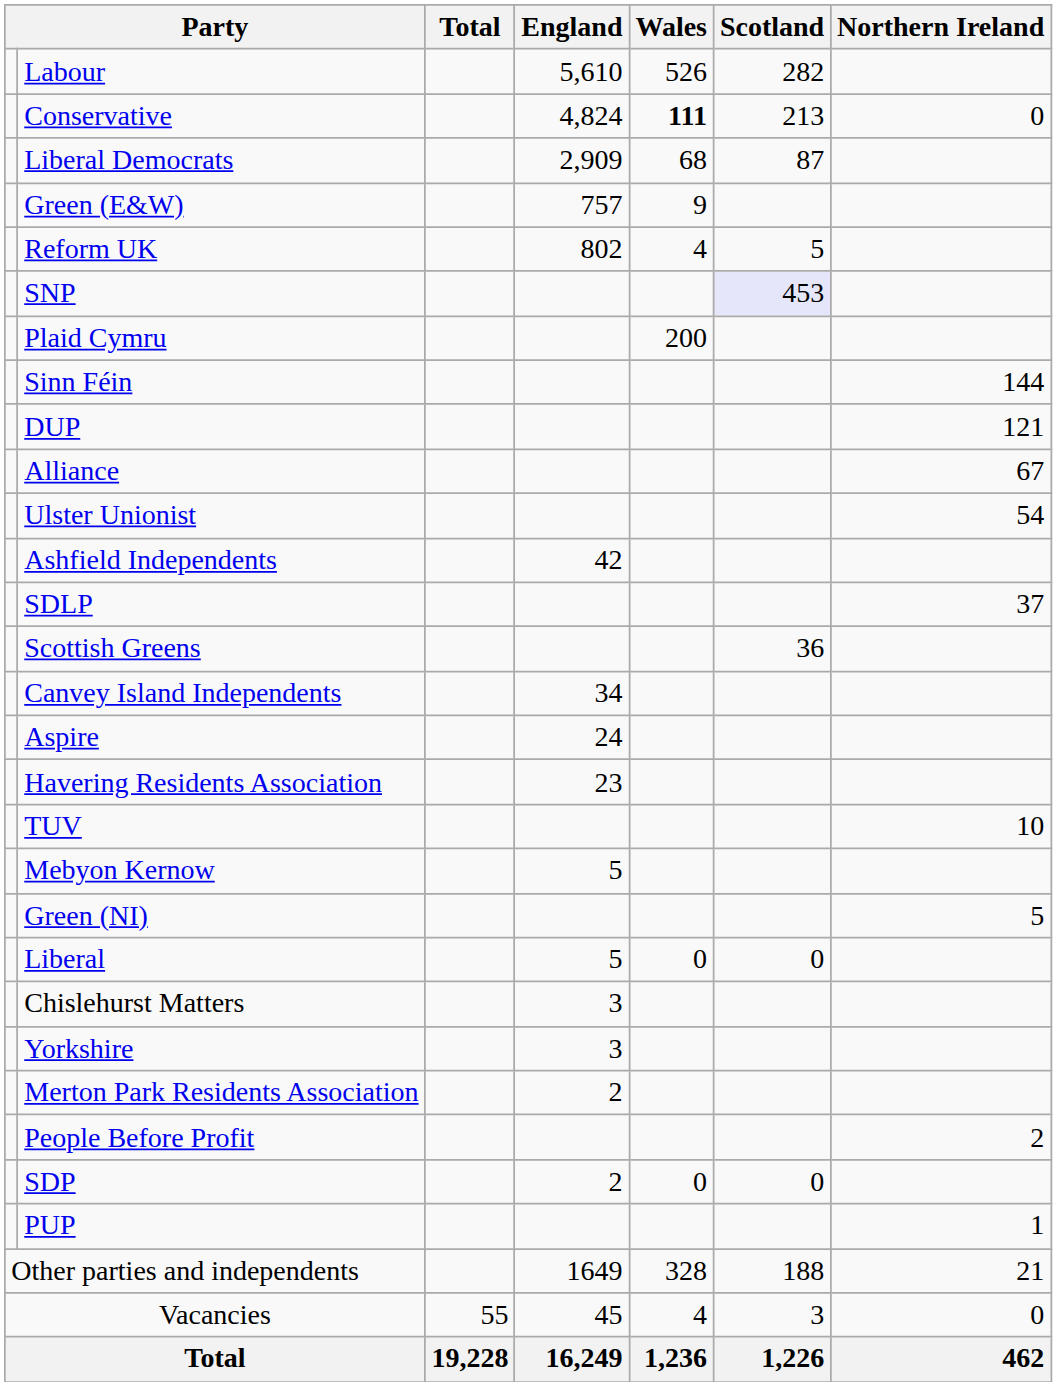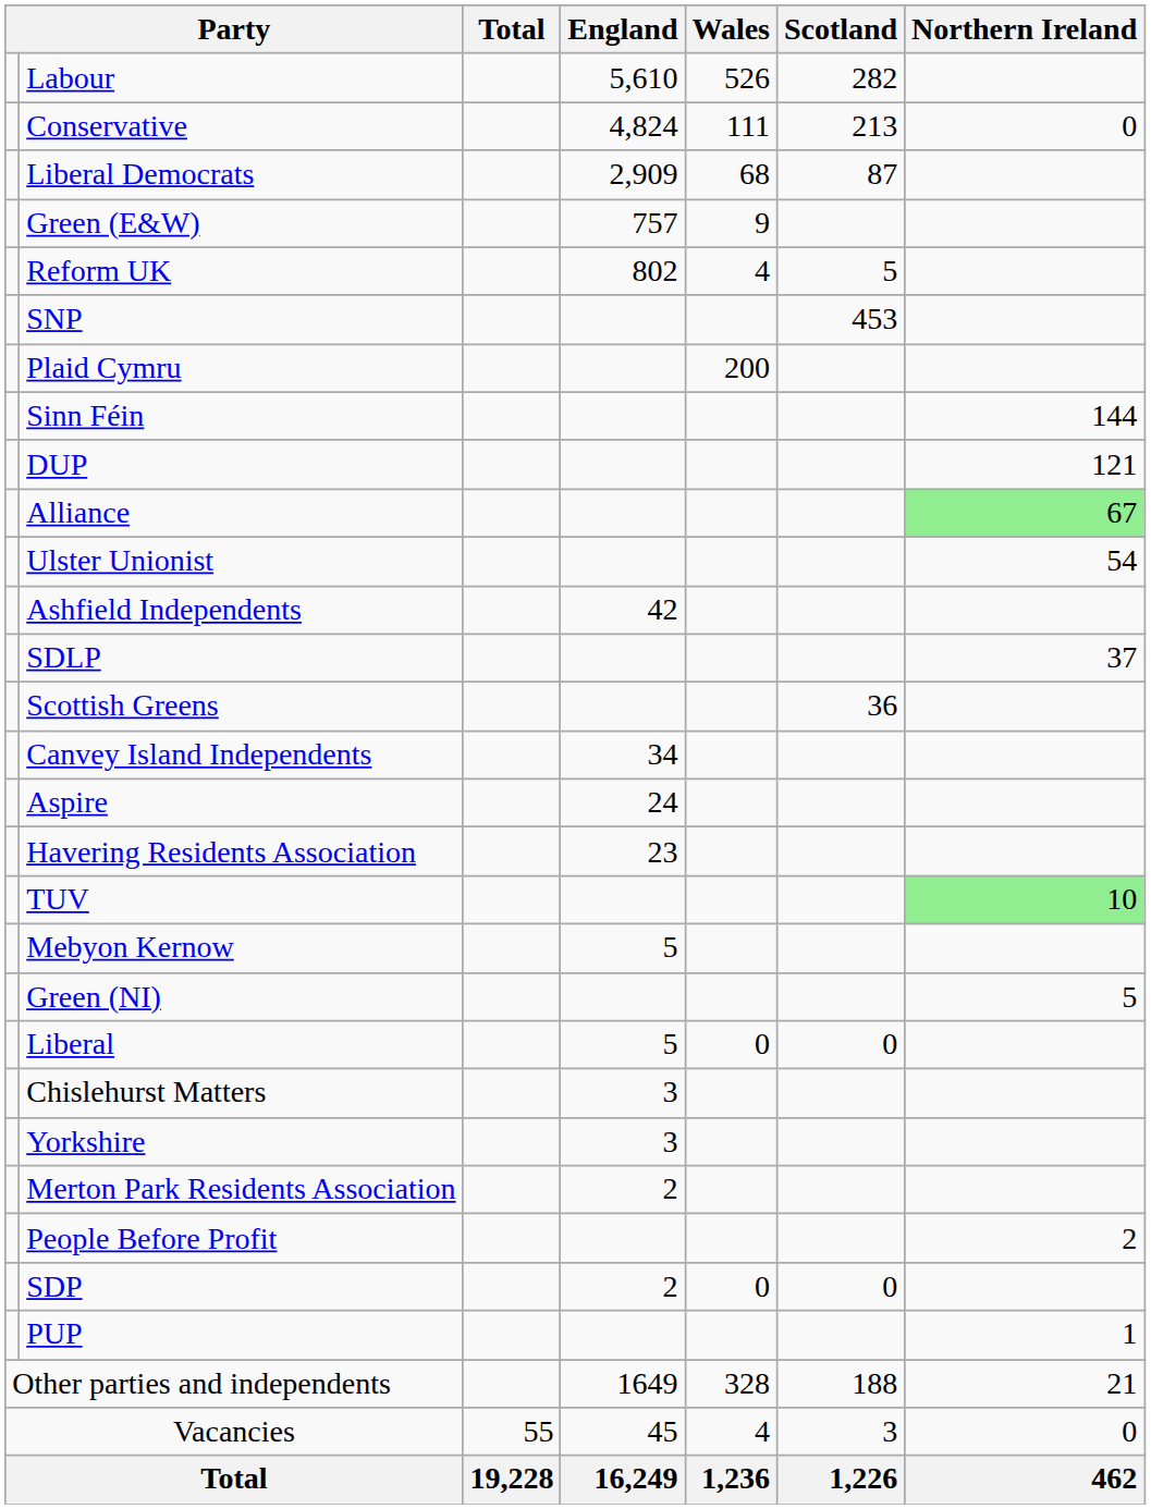 <table class="wikitable sortable" style="text-align:center;">
 <tr>
 <th colspan="2">Party</th>
 <th>Total</th>
 <th>England</th>
 <th>Wales</th>
 <th>Scotland</th>
 <th>Northern Ireland</th>
 </tr>
 <tr>
 <td style="color: white; background:"></td>
 <td style="text-align:left"><a href='#'>Labour</a></td>
 <td></td>
 <td style="text-align:right">5,610</td>
 <td style="text-align:right">526</td>
 <td style="text-align:right">282</td>
 <td></td>
 </tr>
 <tr>
 <td style="color: white; background:"></td>
 <td style="text-align:left"><a href='#'>Conservative</a></td>
 <td></td>
 <td style="text-align:right">4,824</td>
-<td style="text-align:right"><strong>111</strong></td>
+<td style="text-align:right">111</td>
 <td style="text-align:right">213</td>
 <td style="text-align:right">0</td>
 </tr>
 <tr>
 <td style="color: black; background:"></td>
 <td style="text-align:left"><a href='#'>Liberal Democrats</a></td>
 <td></td>
 <td style="text-align:right">2,909</td>
 <td style="text-align:right">68</td>
 <td style="text-align:right">87</td>
 <td></td>
 </tr>
 <tr>
 <td style="color: white; background:"></td>
 <td style="text-align:left"><a href='#'>Green (E&W)</a></td>
 <td></td>
 <td style="text-align:right">757</td>
 <td style="text-align:right">9</td>
 <td></td>
 <td></td>
 </tr>
 <tr>
 <td style="color: black; background:"></td>
 <td style="text-align:left"><a href='#'>Reform UK</a></td>
 <td></td>
 <td style="text-align:right">802</td>
 <td style="text-align:right">4</td>
 <td style="text-align:right">5</td>
 <td></td>
 </tr>
 <tr>
 <td style="color: black; background:"></td>
 <td style="text-align:left"><a href='#'>SNP</a></td>
 <td></td>
 <td></td>
 <td></td>
-<td style="background: lavender; text-align:right">453</td>
+<td style="text-align:right">453</td>
 <td></td>
 </tr>
 <tr>
 <td style="color: white; background:"></td>
 <td style="text-align:left"><a href='#'>Plaid Cymru</a></td>
 <td></td>
 <td></td>
 <td style="text-align:right">200</td>
 <td></td>
 <td></td>
 </tr>
 <tr>
 <td style="color: white; background:"></td>
 <td style="text-align:left"><a href='#'>Sinn Féin</a></td>
 <td></td>
 <td></td>
 <td></td>
 <td></td>
 <td style="text-align:right">144</td>
 </tr>
 <tr>
 <td style="color: black; background:"></td>
 <td style="text-align:left"><a href='#'>DUP</a></td>
 <td></td>
 <td></td>
 <td></td>
 <td></td>
 <td style="text-align:right">121</td>
 </tr>
 <tr>
 <td style="color: black; background:"></td>
 <td style="text-align:left"><a href='#'>Alliance</a></td>
 <td></td>
 <td></td>
 <td></td>
 <td></td>
-<td style="text-align:right">67</td>
+<td style="background: lightgreen; text-align:right">67</td>
 </tr>
 <tr>
 <td style="color: black; background:"></td>
 <td style="text-align:left"><a href='#'>Ulster Unionist</a></td>
 <td></td>
 <td></td>
 <td></td>
 <td></td>
 <td style="text-align:right">54</td>
 </tr>
 <tr>
 <td style="color: black; background:"></td>
 <td style="text-align:left"><a href='#'>Ashfield Independents</a></td>
 <td></td>
 <td style="text-align:right">42</td>
 <td></td>
 <td></td>
 <td></td>
 </tr>
 <tr>
 <td style="color: black; background:"></td>
 <td style="text-align:left"><a href='#'>SDLP</a></td>
 <td></td>
 <td></td>
 <td></td>
 <td></td>
 <td style="text-align:right">37</td>
 </tr>
 <tr>
 <td style="color: black; background:"></td>
 <td style="text-align:left"><a href='#'>Scottish Greens</a></td>
 <td></td>
 <td></td>
 <td></td>
 <td style="text-align:right">36</td>
 <td></td>
 </tr>
 <tr>
 <td style="color: black; background:"></td>
 <td style="text-align:left"><a href='#'>Canvey Island Independents</a></td>
 <td></td>
 <td style="text-align:right">34</td>
 <td></td>
 <td></td>
 <td></td>
 </tr>
 <tr>
 <td style="color: black; background:"></td>
 <td style="text-align:left"><a href='#'>Aspire</a></td>
 <td></td>
 <td style="text-align:right">24</td>
 <td></td>
 <td></td>
 <td></td>
 </tr>
 <tr>
 <td style="color: black; background:"></td>
 <td style="text-align:left"><a href='#'>Havering Residents Association</a></td>
 <td></td>
 <td style="text-align:right">23</td>
 <td></td>
 <td></td>
 <td></td>
 </tr>
 <tr>
 <td style="color: white; background:"></td>
 <td style="text-align:left"><a href='#'>TUV</a></td>
 <td></td>
 <td></td>
 <td></td>
 <td></td>
-<td style="text-align:right">10</td>
+<td style="background: lightgreen; text-align:right">10</td>
 </tr>
 <tr>
 <td style="color: black; background:"></td>
 <td style="text-align:left"><a href='#'>Mebyon Kernow</a></td>
 <td></td>
 <td style="text-align:right">5</td>
 <td></td>
 <td></td>
 <td></td>
 </tr>
 <tr>
 <td style="color: black; background:"></td>
 <td style="text-align:left"><a href='#'>Green (NI)</a></td>
 <td></td>
 <td></td>
 <td></td>
 <td></td>
 <td style="text-align:right">5</td>
 </tr>
 <tr>
 <td style="color: black; background:"></td>
 <td style="text-align:left"><a href='#'>Liberal</a></td>
 <td></td>
 <td style="text-align:right">5</td>
 <td style="text-align:right">0</td>
 <td style="text-align:right">0</td>
 <td></td>
 </tr>
 <tr>
 <td style="color: black; background:"></td>
 <td style="text-align:left">Chislehurst Matters</td>
 <td></td>
 <td style="text-align:right">3</td>
 <td></td>
 <td></td>
 <td></td>
 </tr>
 <tr>
 <td style="color: black; background:"></td>
 <td style="text-align:left"><a href='#'>Yorkshire</a></td>
 <td></td>
 <td style="text-align:right">3</td>
 <td></td>
 <td></td>
 <td></td>
 </tr>
 <tr>
 <td style="color: black; background:"></td>
 <td style="text-align:left"><a href='#'>Merton Park Residents Association</a></td>
 <td></td>
 <td style="text-align:right">2</td>
 <td></td>
 <td></td>
 <td></td>
 </tr>
 <tr>
 <td style="color: black; background:"></td>
 <td style="text-align:left"><a href='#'>People Before Profit</a></td>
 <td></td>
 <td></td>
 <td></td>
 <td></td>
 <td style="text-align:right">2</td>
 </tr>
 <tr>
 <td style="color: black; background:"></td>
 <td style="text-align:left"><a href='#'>SDP</a></td>
 <td></td>
 <td style="text-align:right">2</td>
 <td style="text-align:right">0</td>
 <td style="text-align:right">0</td>
 <td></td>
 </tr>
 <tr>
 <td style="color: black; background:"></td>
 <td style="text-align:left"><a href='#'>PUP</a></td>
 <td></td>
 <td></td>
 <td></td>
 <td></td>
 <td style="text-align:right">1</td>
 </tr>
 <tr>
 <td Colspan=2 style="text-align:left;">Other parties and independents</td>
 <td></td>
 <td style="text-align:right">1649</td>
 <td style="text-align:right">328</td>
 <td style="text-align:right">188</td>
 <td style="text-align:right">21</td>
 </tr>
 <tr class="sortbottom">
 <td colspan="2">Vacancies</td>
 <td style="text-align:right">55</td>
 <td style="text-align:right">45</td>
 <td style="text-align:right">4</td>
 <td style="text-align:right">3</td>
 <td style="text-align:right">0</td>
 </tr>
 <tr>
 <th colspan="2">Total</th>
 <th style="text-align:right">19,228</th>
 <th style="text-align:right">16,249</th>
 <th style="text-align:right">1,236</th>
 <th style="text-align:right">1,226</th>
 <th style="text-align:right">462</th>
 </tr>
 </table>
